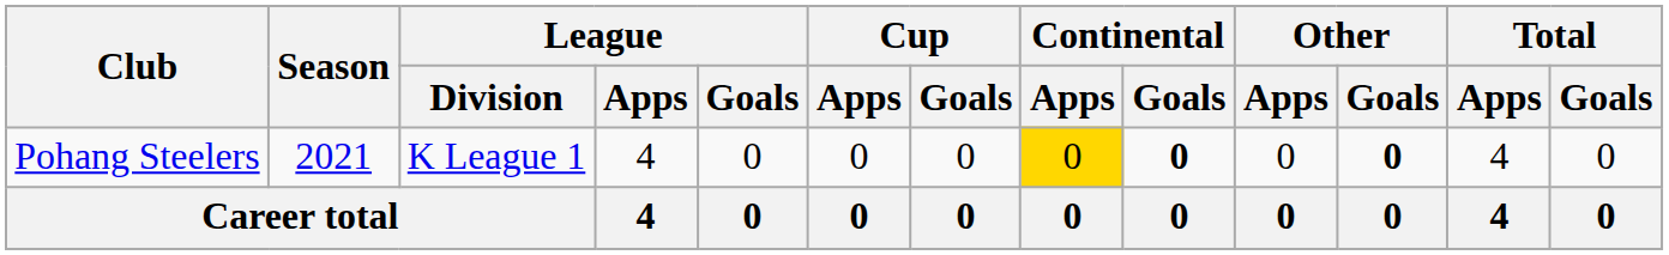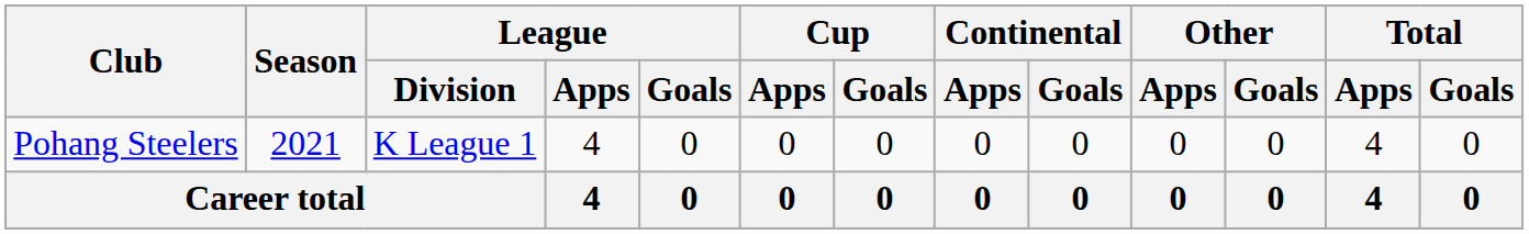 <table class="wikitable" style="text-align: center">
 <tr>
 <th rowspan="2">Club</th>
 <th rowspan="2">Season</th>
 <th colspan="3">League</th>
 <th colspan="2">Cup</th>
 <th colspan="2">Continental</th>
 <th colspan="2">Other</th>
 <th colspan="2">Total</th>
 </tr>
 <tr>
 <th>Division</th>
 <th>Apps</th>
 <th>Goals</th>
 <th>Apps</th>
 <th>Goals</th>
 <th>Apps</th>
 <th>Goals</th>
 <th>Apps</th>
 <th>Goals</th>
 <th>Apps</th>
 <th>Goals</th>
 </tr>
 <tr>
 <td><a href='#'>Pohang Steelers</a></td>
 <td><a href='#'>2021</a></td>
 <td><a href='#'>K League 1</a></td>
 <td>4</td>
 <td>0</td>
 <td>0</td>
 <td>0</td>
-<td style="background: gold;">0</td>
-<td><strong>0</strong></td>
 <td>0</td>
-<td><strong>0</strong></td>
+<td>0</td>
+<td>0</td>
+<td>0</td>
 <td>4</td>
 <td>0</td>
 </tr>
 <tr>
 <th colspan=3>Career total</th>
 <th>4</th>
 <th>0</th>
 <th>0</th>
 <th>0</th>
 <th>0</th>
 <th>0</th>
 <th>0</th>
 <th>0</th>
 <th>4</th>
 <th>0</th>
 </tr>
 </table>
